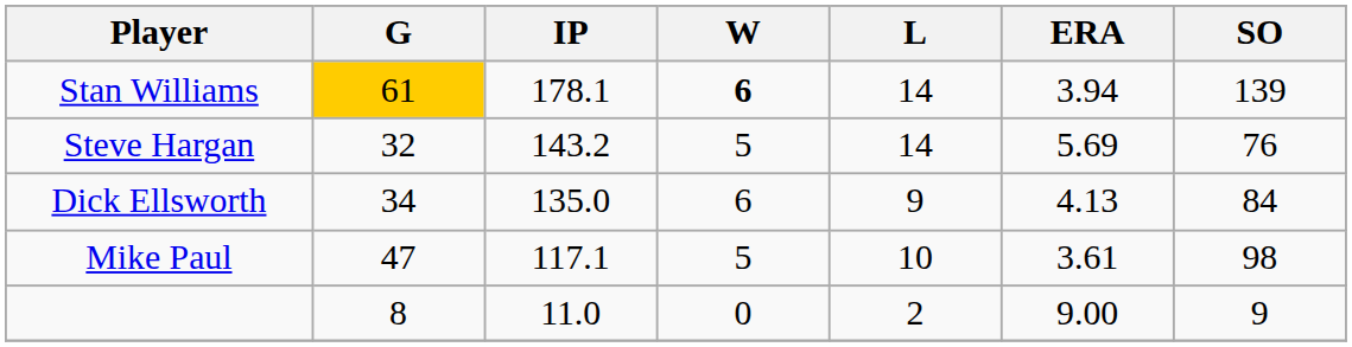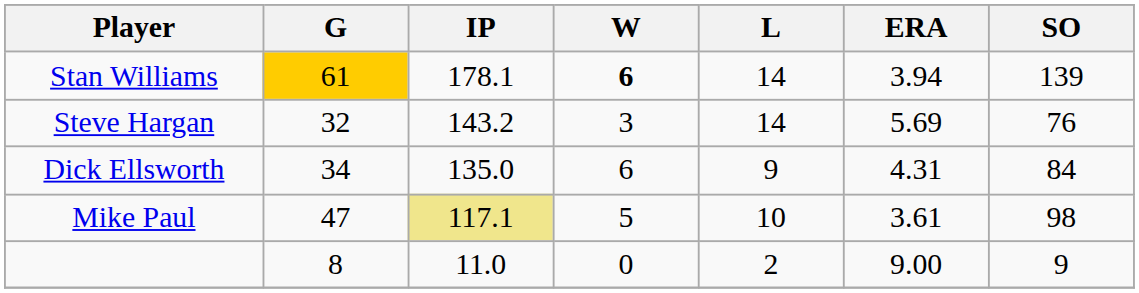 <table class="wikitable sortable">
 <tr>
 <th bgcolor="#DDDDFF" width="16%">Player</th>
 <th bgcolor="#DDDDFF" width="9%">G</th>
 <th bgcolor="#DDDDFF" width="9%">IP</th>
 <th bgcolor="#DDDDFF" width="9%">W</th>
 <th bgcolor="#DDDDFF" width="9%">L</th>
 <th bgcolor="#DDDDFF" width="9%">ERA</th>
 <th bgcolor="#DDDDFF" width="9%">SO</th>
 </tr>
 <tr align="center">
 <td><a href='#'>Stan Williams</a></td>
 <td style="background:#fc0;">61</td>
 <td>178.1</td>
 <td><strong>6</strong></td>
 <td>14</td>
 <td>3.94</td>
 <td>139</td>
 </tr>
 <tr align=center>
 <td><a href='#'>Steve Hargan</a></td>
 <td>32</td>
 <td>143.2</td>
-<td>5</td>
+<td>3</td>
 <td>14</td>
 <td>5.69</td>
 <td>76</td>
 </tr>
 <tr align=center>
 <td><a href='#'>Dick Ellsworth</a></td>
 <td>34</td>
 <td>135.0</td>
 <td>6</td>
 <td>9</td>
-<td>4.13</td>
+<td>4.31</td>
 <td>84</td>
 </tr>
 <tr align=center>
 <td><a href='#'>Mike Paul</a></td>
 <td>47</td>
-<td>117.1</td>
+<td style="background: khaki;">117.1</td>
 <td>5</td>
 <td>10</td>
 <td>3.61</td>
 <td>98</td>
 </tr>
 <tr align=center>
 <td></td>
 <td>8</td>
 <td>11.0</td>
 <td>0</td>
 <td>2</td>
 <td>9.00</td>
 <td>9</td>
 </tr>
 <tr align="center">
 </tr>
 </table>
